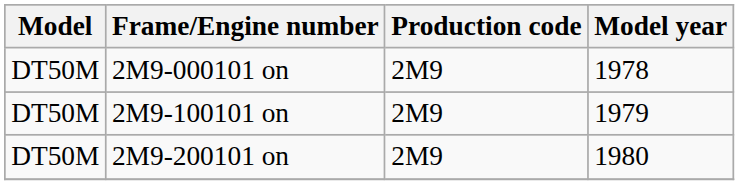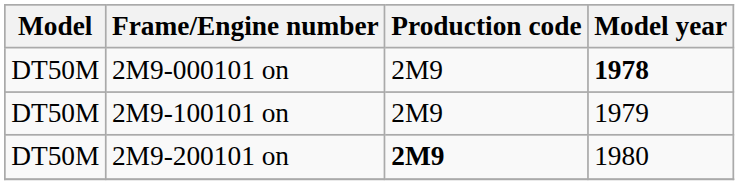 <table class="wikitable">
 <tr>
 <th>Model</th>
 <th>Frame/Engine number</th>
 <th>Production code</th>
 <th>Model year</th>
 </tr>
 <tr>
 <td>DT50M</td>
 <td>2M9-000101 on</td>
 <td>2M9</td>
-<td>1978</td>
+<td><strong>1978</strong></td>
 </tr>
 <tr>
 <td>DT50M</td>
 <td>2M9-100101 on</td>
 <td>2M9</td>
 <td>1979</td>
 </tr>
 <tr>
 <td>DT50M</td>
 <td>2M9-200101 on</td>
-<td>2M9</td>
+<td><strong>2M9</strong></td>
 <td>1980</td>
 </tr>
 <tr>
 </tr>
 </table>
